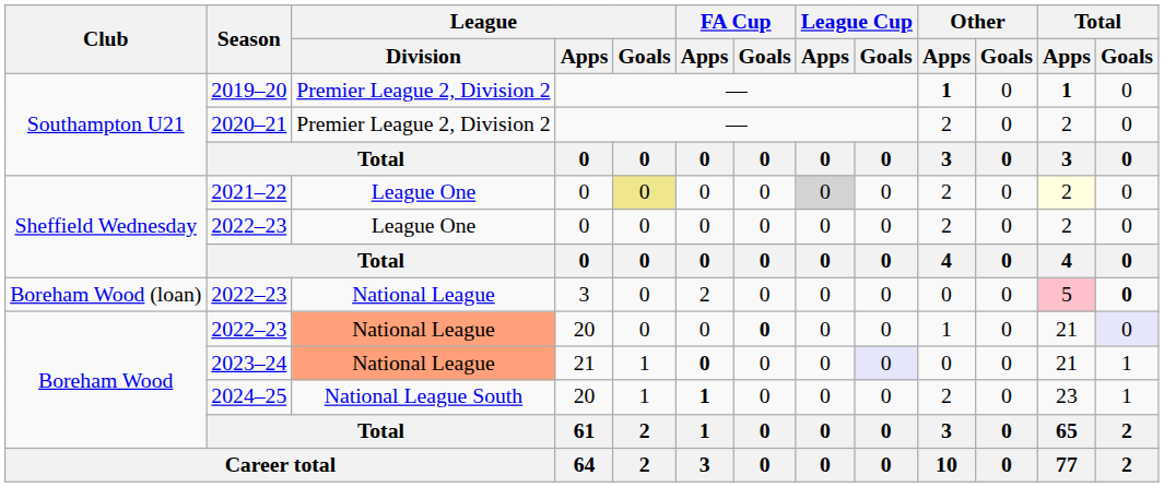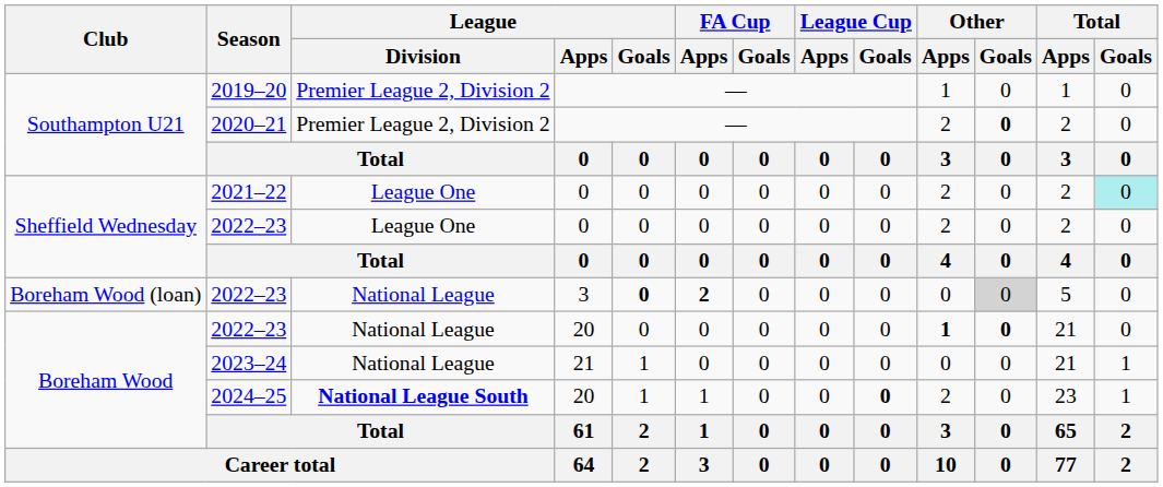 <table class="wikitable" style="text-align: center">
 <tr>
 <th rowspan="2">Club</th>
 <th rowspan="2">Season</th>
 <th colspan="3">League</th>
 <th colspan="2"><a href='#'>FA Cup</a></th>
 <th colspan="2"><a href='#'>League Cup</a></th>
 <th colspan="2">Other</th>
 <th colspan="2">Total</th>
 </tr>
 <tr>
 <th>Division</th>
 <th>Apps</th>
 <th>Goals</th>
 <th>Apps</th>
 <th>Goals</th>
 <th>Apps</th>
 <th>Goals</th>
 <th>Apps</th>
 <th>Goals</th>
 <th>Apps</th>
 <th>Goals</th>
 </tr>
 <tr>
 <td rowspan="3"><a href='#'>Southampton U21</a></td>
 <td><a href='#'>2019–20</a></td>
 <td><a href='#'>Premier League 2, Division 2</a></td>
 <td colspan="6">—</td>
-<td><strong>1</strong></td>
+<td>1</td>
 <td>0</td>
-<td><strong>1</strong></td>
+<td>1</td>
 <td>0</td>
 </tr>
 <tr>
 <td><a href='#'>2020–21</a></td>
 <td>Premier League 2, Division 2</td>
 <td colspan="6">—</td>
 <td>2</td>
-<td>0</td>
+<td><strong>0</strong></td>
 <td>2</td>
 <td>0</td>
 </tr>
 <tr>
 <th colspan="2">Total</th>
 <th>0</th>
 <th>0</th>
 <th>0</th>
 <th>0</th>
 <th>0</th>
 <th>0</th>
 <th>3</th>
 <th>0</th>
 <th>3</th>
 <th>0</th>
 </tr>
 <tr>
 <td rowspan="3"><a href='#'>Sheffield Wednesday</a></td>
 <td><a href='#'>2021–22</a></td>
 <td><a href='#'>League One</a></td>
 <td>0</td>
-<td style="background: khaki;">0</td>
 <td>0</td>
 <td>0</td>
-<td style="background: lightgrey;">0</td>
+<td>0</td>
+<td>0</td>
 <td>0</td>
 <td>2</td>
 <td>0</td>
-<td style="background: lightyellow;">2</td>
-<td>0</td>
+<td>2</td>
+<td style="background: paleturquoise;">0</td>
 </tr>
 <tr>
 <td><a href='#'>2022–23</a></td>
 <td>League One</td>
 <td>0</td>
 <td>0</td>
 <td>0</td>
 <td>0</td>
 <td>0</td>
 <td>0</td>
 <td>2</td>
 <td>0</td>
 <td>2</td>
 <td>0</td>
 </tr>
 <tr>
 <th colspan="2">Total</th>
 <th>0</th>
 <th>0</th>
 <th>0</th>
 <th>0</th>
 <th>0</th>
 <th>0</th>
 <th>4</th>
 <th>0</th>
 <th>4</th>
 <th>0</th>
 </tr>
 <tr>
 <td><a href='#'>Boreham Wood</a> (loan)</td>
 <td><a href='#'>2022–23</a></td>
 <td><a href='#'>National League</a></td>
 <td>3</td>
+<td><strong>0</strong></td>
+<td><strong>2</strong></td>
 <td>0</td>
-<td>2</td>
+<td>0</td>
+<td>0</td>
+<td>0</td>
+<td style="background: lightgrey;">0</td>
+<td>5</td>
+<td>0</td>
+</tr>
+<tr>
+<td rowspan="4"><a href='#'>Boreham Wood</a></td>
+<td><a href='#'>2022–23</a></td>
+<td>National League</td>
+<td>20</td>
 <td>0</td>
 <td>0</td>
 <td>0</td>
 <td>0</td>
 <td>0</td>
-<td style="background: pink;">5</td>
+<td><strong>1</strong></td>
 <td><strong>0</strong></td>
-</tr>
-<tr>
-<td rowspan="4"><a href='#'>Boreham Wood</a></td>
-<td><a href='#'>2022–23</a></td>
-<td style="background: lightsalmon;">National League</td>
-<td>20</td>
+<td>21</td>
 <td>0</td>
-<td>0</td>
-<td><strong>0</strong></td>
-<td>0</td>
-<td>0</td>
-<td>1</td>
-<td>0</td>
-<td>21</td>
-<td style="background: lavender;">0</td>
 </tr>
 <tr>
 <td><a href='#'>2023–24</a></td>
-<td style="background: lightsalmon;">National League</td>
+<td>National League</td>
 <td>21</td>
 <td>1</td>
-<td><strong>0</strong></td>
 <td>0</td>
 <td>0</td>
-<td style="background: lavender;">0</td>
+<td>0</td>
+<td>0</td>
 <td>0</td>
 <td>0</td>
 <td>21</td>
 <td>1</td>
 </tr>
 <tr>
 <td><a href='#'>2024–25</a></td>
-<td><a href='#'>National League South</a></td>
+<td><strong><a href='#'>National League South</a></strong></td>
 <td>20</td>
 <td>1</td>
-<td><strong>1</strong></td>
+<td>1</td>
 <td>0</td>
 <td>0</td>
-<td>0</td>
+<td><strong>0</strong></td>
 <td>2</td>
 <td>0</td>
 <td>23</td>
 <td>1</td>
 </tr>
 <tr>
 <th colspan="2">Total</th>
 <th>61</th>
 <th>2</th>
 <th>1</th>
 <th>0</th>
 <th>0</th>
 <th>0</th>
 <th>3</th>
 <th>0</th>
 <th>65</th>
 <th>2</th>
 </tr>
 <tr>
 <th colspan="3">Career total</th>
 <th>64</th>
 <th>2</th>
 <th>3</th>
 <th>0</th>
 <th>0</th>
 <th>0</th>
 <th>10</th>
 <th>0</th>
 <th>77</th>
 <th>2</th>
 </tr>
 </table>
